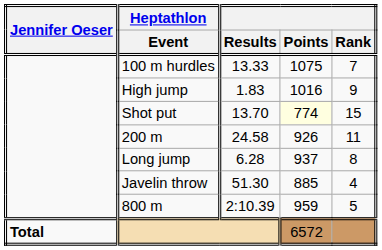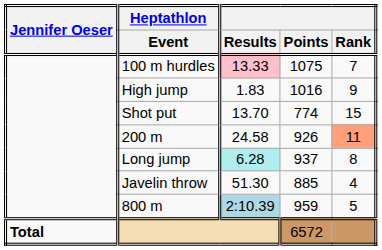 <table class=wikitable style="font-size:90%; border: double;">
 <tr>
 <th style="border-right:double" rowspan="2"><a href='#'>Jennifer Oeser</a></th>
 <th style="border-right:double"><a href='#'>Heptathlon</a></th>
 <th colspan="3"></th>
 </tr>
 <tr>
 <th style="border-right:double">Event</th>
 <th>Results</th>
 <th>Points</th>
 <th>Rank</th>
 </tr>
 <tr style="border-top: double;">
 <td style="border-right:double" rowspan="7"></td>
 <td style="border-right:double">100 m hurdles</td>
-<td align=center>13.33</td>
+<td align=center style="background: pink;">13.33</td>
 <td align=center>1075</td>
 <td align=center>7</td>
 </tr>
 <tr>
 <td style="border-right:double">High jump</td>
 <td align=center>1.83</td>
 <td align=center>1016</td>
 <td align=center>9</td>
 </tr>
 <tr>
 <td style="border-right:double">Shot put</td>
 <td align=center>13.70</td>
-<td align=center style="background: lightyellow;">774</td>
+<td align=center>774</td>
 <td align=center>15</td>
 </tr>
 <tr>
 <td style="border-right:double">200 m</td>
 <td align=center>24.58</td>
 <td align=center>926</td>
-<td align=center>11</td>
+<td align=center style="background: lightsalmon;">11</td>
 </tr>
 <tr>
 <td style="border-right:double">Long jump</td>
-<td align=center>6.28</td>
+<td align=center style="background: paleturquoise;">6.28</td>
 <td align=center>937</td>
 <td align=center>8</td>
 </tr>
 <tr>
 <td style="border-right:double">Javelin throw</td>
 <td align=center>51.30</td>
 <td align=center>885</td>
 <td align=center>4</td>
 </tr>
 <tr>
 <td style="border-right:double">800 m</td>
-<td align=center>2:10.39</td>
+<td align=center style="background: lightblue;">2:10.39</td>
 <td align=center>959</td>
 <td align=center>5</td>
 </tr>
 <tr style="border-top: double;">
 <td style="border-right:double"><strong>Total</strong></td>
 <td colspan="2" style="background:wheat; border-right:double;"></td>
 <td align=center bgcolor=cc9966>6572</td>
 <td align=center bgcolor=cc9966></td>
 </tr>
 </table>
